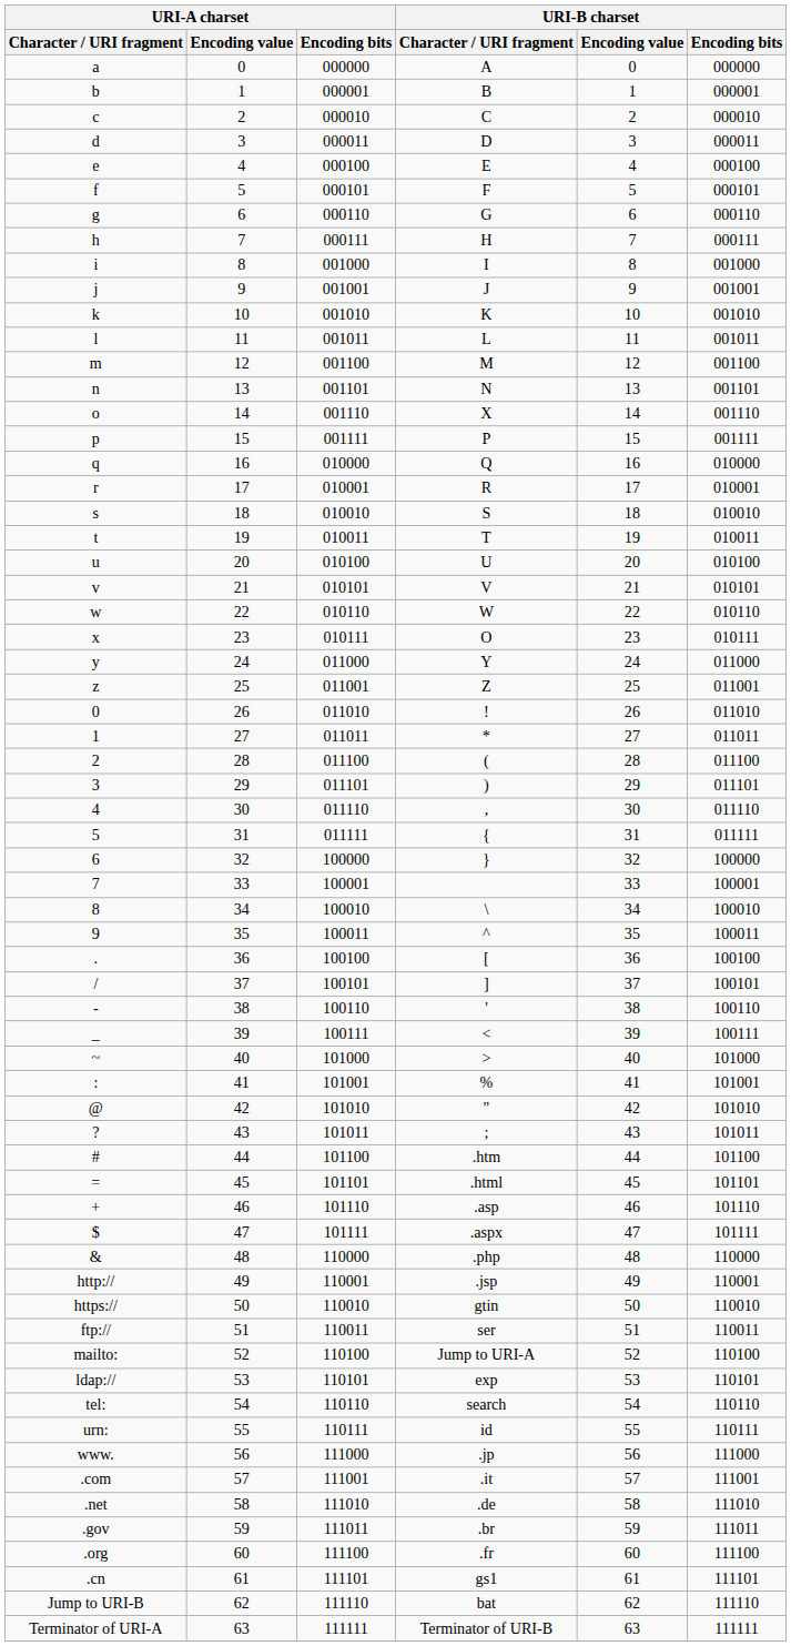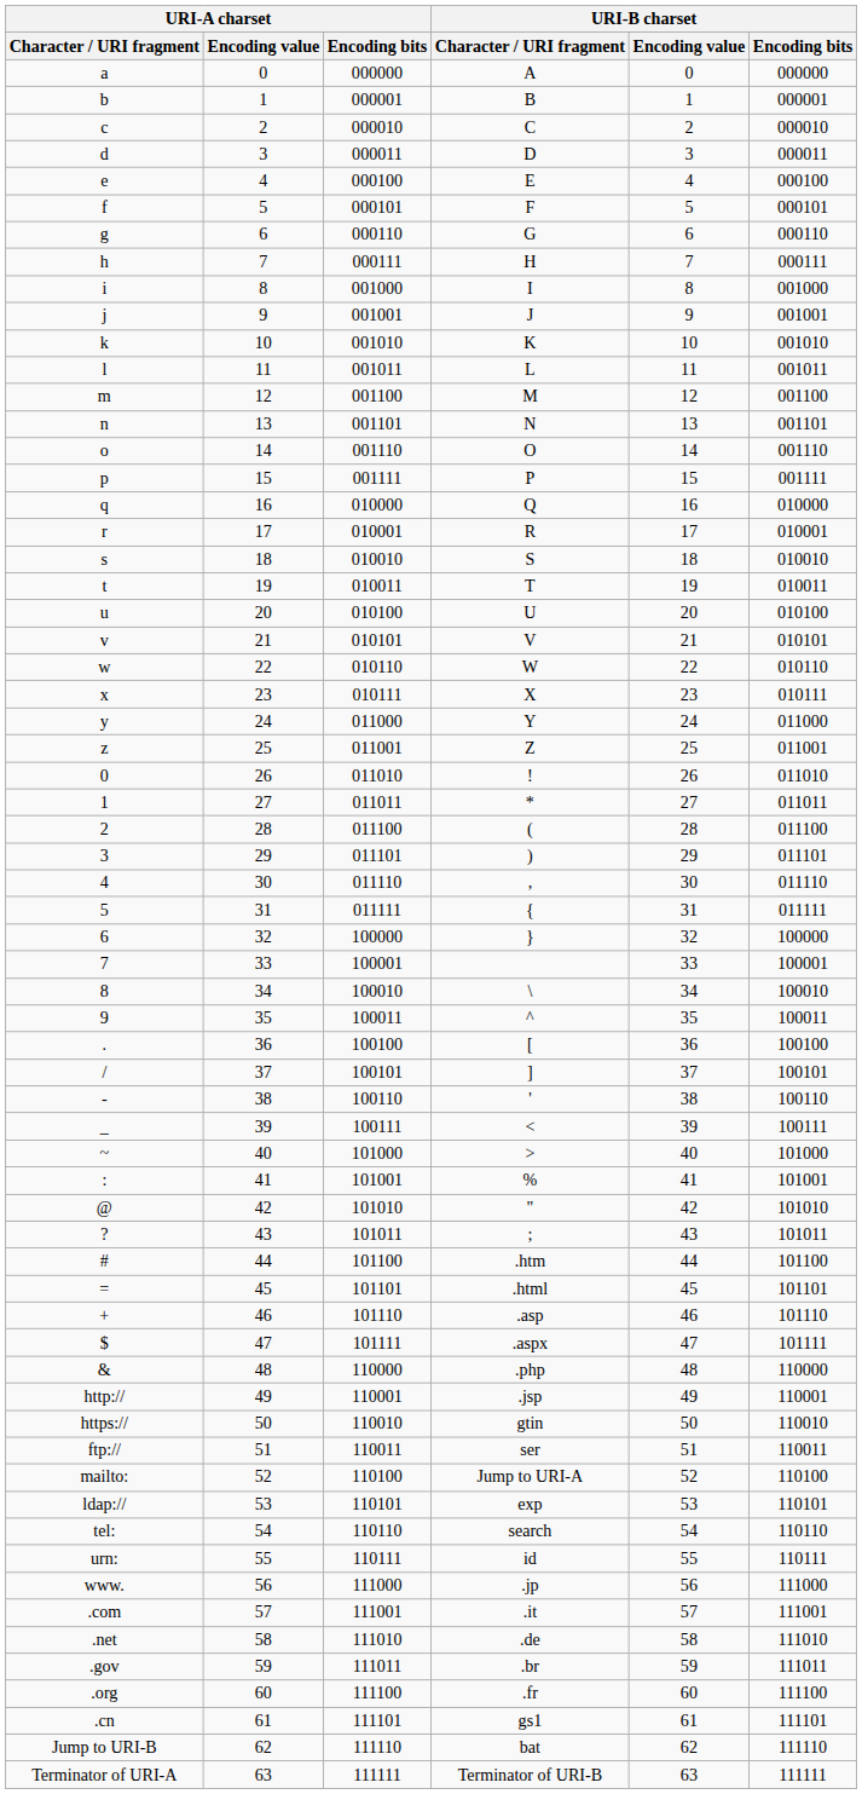 <table class="wikitable" border="1" style="text-align:center">
 <tr>
 <th colspan=3>URI-A charset</th>
 <th colspan=3>URI-B charset</th>
 </tr>
 <tr>
 <th>Character / URI fragment</th>
 <th>Encoding value</th>
 <th>Encoding bits</th>
 <th>Character / URI fragment</th>
 <th>Encoding value</th>
 <th>Encoding bits</th>
 </tr>
 <tr>
 <td>a</td>
 <td>0</td>
 <td>000000</td>
 <td>A</td>
 <td>0</td>
 <td>000000</td>
 </tr>
 <tr>
 <td>b</td>
 <td>1</td>
 <td>000001</td>
 <td>B</td>
 <td>1</td>
 <td>000001</td>
 </tr>
 <tr>
 <td>c</td>
 <td>2</td>
 <td>000010</td>
 <td>C</td>
 <td>2</td>
 <td>000010</td>
 </tr>
 <tr>
 <td>d</td>
 <td>3</td>
 <td>000011</td>
 <td>D</td>
 <td>3</td>
 <td>000011</td>
 </tr>
 <tr>
 <td>e</td>
 <td>4</td>
 <td>000100</td>
 <td>E</td>
 <td>4</td>
 <td>000100</td>
 </tr>
 <tr>
 <td>f</td>
 <td>5</td>
 <td>000101</td>
 <td>F</td>
 <td>5</td>
 <td>000101</td>
 </tr>
 <tr>
 <td>g</td>
 <td>6</td>
 <td>000110</td>
 <td>G</td>
 <td>6</td>
 <td>000110</td>
 </tr>
 <tr>
 <td>h</td>
 <td>7</td>
 <td>000111</td>
 <td>H</td>
 <td>7</td>
 <td>000111</td>
 </tr>
 <tr>
 <td>i</td>
 <td>8</td>
 <td>001000</td>
 <td>I</td>
 <td>8</td>
 <td>001000</td>
 </tr>
 <tr>
 <td>j</td>
 <td>9</td>
 <td>001001</td>
 <td>J</td>
 <td>9</td>
 <td>001001</td>
 </tr>
 <tr>
 <td>k</td>
 <td>10</td>
 <td>001010</td>
 <td>K</td>
 <td>10</td>
 <td>001010</td>
 </tr>
 <tr>
 <td>l</td>
 <td>11</td>
 <td>001011</td>
 <td>L</td>
 <td>11</td>
 <td>001011</td>
 </tr>
 <tr>
 <td>m</td>
 <td>12</td>
 <td>001100</td>
 <td>M</td>
 <td>12</td>
 <td>001100</td>
 </tr>
 <tr>
 <td>n</td>
 <td>13</td>
 <td>001101</td>
 <td>N</td>
 <td>13</td>
 <td>001101</td>
 </tr>
 <tr>
 <td>o</td>
 <td>14</td>
 <td>001110</td>
-<td>X</td>
+<td>O</td>
 <td>14</td>
 <td>001110</td>
 </tr>
 <tr>
 <td>p</td>
 <td>15</td>
 <td>001111</td>
 <td>P</td>
 <td>15</td>
 <td>001111</td>
 </tr>
 <tr>
 <td>q</td>
 <td>16</td>
 <td>010000</td>
 <td>Q</td>
 <td>16</td>
 <td>010000</td>
 </tr>
 <tr>
 <td>r</td>
 <td>17</td>
 <td>010001</td>
 <td>R</td>
 <td>17</td>
 <td>010001</td>
 </tr>
 <tr>
 <td>s</td>
 <td>18</td>
 <td>010010</td>
 <td>S</td>
 <td>18</td>
 <td>010010</td>
 </tr>
 <tr>
 <td>t</td>
 <td>19</td>
 <td>010011</td>
 <td>T</td>
 <td>19</td>
 <td>010011</td>
 </tr>
 <tr>
 <td>u</td>
 <td>20</td>
 <td>010100</td>
 <td>U</td>
 <td>20</td>
 <td>010100</td>
 </tr>
 <tr>
 <td>v</td>
 <td>21</td>
 <td>010101</td>
 <td>V</td>
 <td>21</td>
 <td>010101</td>
 </tr>
 <tr>
 <td>w</td>
 <td>22</td>
 <td>010110</td>
 <td>W</td>
 <td>22</td>
 <td>010110</td>
 </tr>
 <tr>
 <td>x</td>
 <td>23</td>
 <td>010111</td>
-<td>O</td>
+<td>X</td>
 <td>23</td>
 <td>010111</td>
 </tr>
 <tr>
 <td>y</td>
 <td>24</td>
 <td>011000</td>
 <td>Y</td>
 <td>24</td>
 <td>011000</td>
 </tr>
 <tr>
 <td>z</td>
 <td>25</td>
 <td>011001</td>
 <td>Z</td>
 <td>25</td>
 <td>011001</td>
 </tr>
 <tr>
 <td>0</td>
 <td>26</td>
 <td>011010</td>
 <td>!</td>
 <td>26</td>
 <td>011010</td>
 </tr>
 <tr>
 <td>1</td>
 <td>27</td>
 <td>011011</td>
 <td>*</td>
 <td>27</td>
 <td>011011</td>
 </tr>
 <tr>
 <td>2</td>
 <td>28</td>
 <td>011100</td>
 <td>(</td>
 <td>28</td>
 <td>011100</td>
 </tr>
 <tr>
 <td>3</td>
 <td>29</td>
 <td>011101</td>
 <td>)</td>
 <td>29</td>
 <td>011101</td>
 </tr>
 <tr>
 <td>4</td>
 <td>30</td>
 <td>011110</td>
 <td>,</td>
 <td>30</td>
 <td>011110</td>
 </tr>
 <tr>
 <td>5</td>
 <td>31</td>
 <td>011111</td>
 <td>{</td>
 <td>31</td>
 <td>011111</td>
 </tr>
 <tr>
 <td>6</td>
 <td>32</td>
 <td>100000</td>
 <td>}</td>
 <td>32</td>
 <td>100000</td>
 </tr>
 <tr>
 <td>7</td>
 <td>33</td>
 <td>100001</td>
 <td></td>
 <td>33</td>
 <td>100001</td>
 </tr>
 <tr>
 <td>8</td>
 <td>34</td>
 <td>100010</td>
 <td>\</td>
 <td>34</td>
 <td>100010</td>
 </tr>
 <tr>
 <td>9</td>
 <td>35</td>
 <td>100011</td>
 <td>^</td>
 <td>35</td>
 <td>100011</td>
 </tr>
 <tr>
 <td>.</td>
 <td>36</td>
 <td>100100</td>
 <td>[</td>
 <td>36</td>
 <td>100100</td>
 </tr>
 <tr>
 <td>/</td>
 <td>37</td>
 <td>100101</td>
 <td>]</td>
 <td>37</td>
 <td>100101</td>
 </tr>
 <tr>
 <td>-</td>
 <td>38</td>
 <td>100110</td>
 <td>'</td>
 <td>38</td>
 <td>100110</td>
 </tr>
 <tr>
 <td>_</td>
 <td>39</td>
 <td>100111</td>
 <td><</td>
 <td>39</td>
 <td>100111</td>
 </tr>
 <tr>
 <td>~</td>
 <td>40</td>
 <td>101000</td>
 <td>></td>
 <td>40</td>
 <td>101000</td>
 </tr>
 <tr>
 <td>:</td>
 <td>41</td>
 <td>101001</td>
 <td>%</td>
 <td>41</td>
 <td>101001</td>
 </tr>
 <tr>
 <td>@</td>
 <td>42</td>
 <td>101010</td>
 <td>"</td>
 <td>42</td>
 <td>101010</td>
 </tr>
 <tr>
 <td>?</td>
 <td>43</td>
 <td>101011</td>
 <td>;</td>
 <td>43</td>
 <td>101011</td>
 </tr>
 <tr>
 <td>#</td>
 <td>44</td>
 <td>101100</td>
 <td>.htm</td>
 <td>44</td>
 <td>101100</td>
 </tr>
 <tr>
 <td>=</td>
 <td>45</td>
 <td>101101</td>
 <td>.html</td>
 <td>45</td>
 <td>101101</td>
 </tr>
 <tr>
 <td>+</td>
 <td>46</td>
 <td>101110</td>
 <td>.asp</td>
 <td>46</td>
 <td>101110</td>
 </tr>
 <tr>
 <td>$</td>
 <td>47</td>
 <td>101111</td>
 <td>.aspx</td>
 <td>47</td>
 <td>101111</td>
 </tr>
 <tr>
 <td>&</td>
 <td>48</td>
 <td>110000</td>
 <td>.php</td>
 <td>48</td>
 <td>110000</td>
 </tr>
 <tr>
 <td>http://</td>
 <td>49</td>
 <td>110001</td>
 <td>.jsp</td>
 <td>49</td>
 <td>110001</td>
 </tr>
 <tr>
 <td>https://</td>
 <td>50</td>
 <td>110010</td>
 <td>gtin</td>
 <td>50</td>
 <td>110010</td>
 </tr>
 <tr>
 <td>ftp://</td>
 <td>51</td>
 <td>110011</td>
 <td>ser</td>
 <td>51</td>
 <td>110011</td>
 </tr>
 <tr>
 <td>mailto:</td>
 <td>52</td>
 <td>110100</td>
 <td>Jump to URI-A</td>
 <td>52</td>
 <td>110100</td>
 </tr>
 <tr>
 <td>ldap://</td>
 <td>53</td>
 <td>110101</td>
 <td>exp</td>
 <td>53</td>
 <td>110101</td>
 </tr>
 <tr>
 <td>tel:</td>
 <td>54</td>
 <td>110110</td>
 <td>search</td>
 <td>54</td>
 <td>110110</td>
 </tr>
 <tr>
 <td>urn:</td>
 <td>55</td>
 <td>110111</td>
 <td>id</td>
 <td>55</td>
 <td>110111</td>
 </tr>
 <tr>
 <td>www.</td>
 <td>56</td>
 <td>111000</td>
 <td>.jp</td>
 <td>56</td>
 <td>111000</td>
 </tr>
 <tr>
 <td>.com</td>
 <td>57</td>
 <td>111001</td>
 <td>.it</td>
 <td>57</td>
 <td>111001</td>
 </tr>
 <tr>
 <td>.net</td>
 <td>58</td>
 <td>111010</td>
 <td>.de</td>
 <td>58</td>
 <td>111010</td>
 </tr>
 <tr>
 <td>.gov</td>
 <td>59</td>
 <td>111011</td>
 <td>.br</td>
 <td>59</td>
 <td>111011</td>
 </tr>
 <tr>
 <td>.org</td>
 <td>60</td>
 <td>111100</td>
 <td>.fr</td>
 <td>60</td>
 <td>111100</td>
 </tr>
 <tr>
 <td>.cn</td>
 <td>61</td>
 <td>111101</td>
 <td>gs1</td>
 <td>61</td>
 <td>111101</td>
 </tr>
 <tr>
 <td>Jump to URI-B</td>
 <td>62</td>
 <td>111110</td>
 <td>bat</td>
 <td>62</td>
 <td>111110</td>
 </tr>
 <tr>
 <td>Terminator of URI-A</td>
 <td>63</td>
 <td>111111</td>
 <td>Terminator of URI-B</td>
 <td>63</td>
 <td>111111</td>
 </tr>
 </table>
